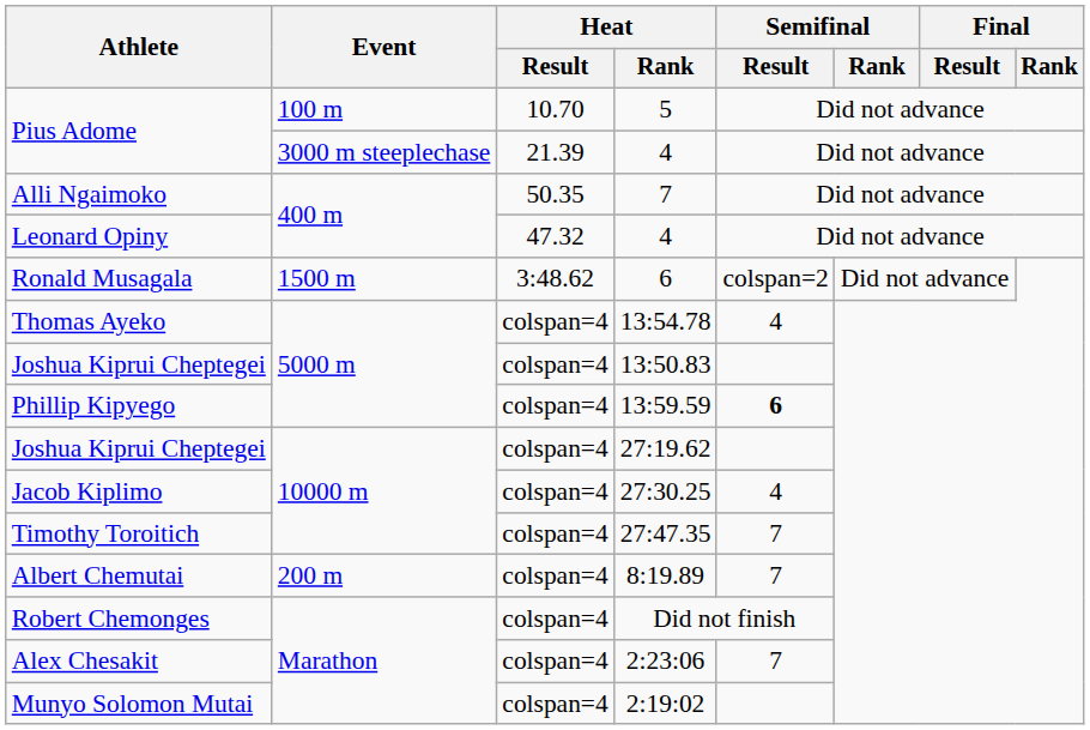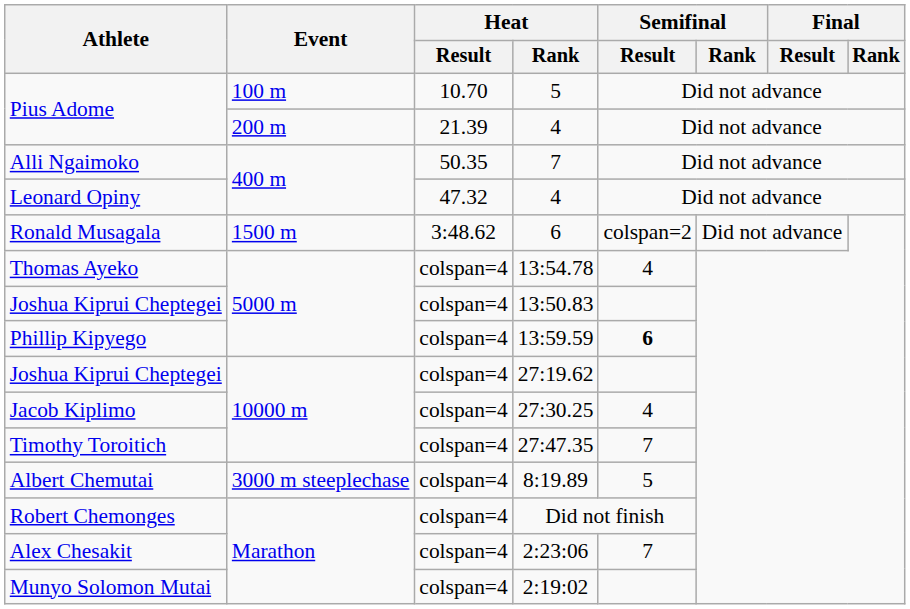 <table class="wikitable" style="font-size:90%">
 <tr>
 <th rowspan=2>Athlete</th>
 <th rowspan=2>Event</th>
 <th colspan=2>Heat</th>
 <th colspan=2>Semifinal</th>
 <th colspan=2>Final</th>
 </tr>
 <tr style="font-size:95%">
 <th>Result</th>
 <th>Rank</th>
 <th>Result</th>
 <th>Rank</th>
 <th>Result</th>
 <th>Rank</th>
 </tr>
 <tr align=center>
 <td align=left rowspan=2><a href='#'>Pius Adome</a></td>
 <td align=left><a href='#'>100 m</a></td>
 <td>10.70</td>
 <td>5</td>
 <td colspan=4>Did not advance</td>
 </tr>
 <tr align=center>
-<td align=left><a href='#'>3000 m steeplechase</a></td>
+<td align=left><a href='#'>200 m</a></td>
 <td>21.39</td>
 <td>4</td>
 <td colspan=4>Did not advance</td>
 </tr>
 <tr align=center>
 <td align=left><a href='#'>Alli Ngaimoko</a></td>
 <td align=left rowspan=2><a href='#'>400 m</a></td>
 <td>50.35</td>
 <td>7</td>
 <td colspan=4>Did not advance</td>
 </tr>
 <tr align=center>
 <td align=left><a href='#'>Leonard Opiny</a></td>
 <td>47.32</td>
 <td>4</td>
 <td colspan=4>Did not advance</td>
 </tr>
 <tr align=center>
 <td align=left><a href='#'>Ronald Musagala</a></td>
 <td align=left><a href='#'>1500 m</a></td>
 <td>3:48.62</td>
 <td>6</td>
 <td>colspan=2</td>
 <td colspan=2>Did not advance</td>
 </tr>
 <tr align=center>
 <td align=left><a href='#'>Thomas Ayeko</a></td>
 <td align=left rowspan=3><a href='#'>5000 m</a></td>
 <td>colspan=4</td>
 <td>13:54.78</td>
 <td>4</td>
 </tr>
 <tr align=center>
 <td align=left><a href='#'>Joshua Kiprui Cheptegei</a></td>
 <td>colspan=4</td>
 <td>13:50.83</td>
 <td></td>
 </tr>
 <tr align=center>
 <td align=left><a href='#'>Phillip Kipyego</a></td>
 <td>colspan=4</td>
 <td>13:59.59</td>
 <td><strong>6</strong></td>
 </tr>
 <tr align=center>
 <td align=left><a href='#'>Joshua Kiprui Cheptegei</a></td>
 <td align=left rowspan=3><a href='#'>10000 m</a></td>
 <td>colspan=4</td>
 <td>27:19.62</td>
 <td></td>
 </tr>
 <tr align=center>
 <td align=left><a href='#'>Jacob Kiplimo</a></td>
 <td>colspan=4</td>
 <td>27:30.25</td>
 <td>4</td>
 </tr>
 <tr align=center>
 <td align=left><a href='#'>Timothy Toroitich</a></td>
 <td>colspan=4</td>
 <td>27:47.35</td>
 <td>7</td>
 </tr>
 <tr align=center>
 <td align=left><a href='#'>Albert Chemutai</a></td>
-<td align=left><a href='#'>200 m</a></td>
+<td align=left><a href='#'>3000 m steeplechase</a></td>
 <td>colspan=4</td>
 <td>8:19.89</td>
-<td>7</td>
+<td>5</td>
 </tr>
 <tr align=center>
 <td align=left><a href='#'>Robert Chemonges</a></td>
 <td align=left rowspan=3><a href='#'>Marathon</a></td>
 <td>colspan=4</td>
 <td colspan=2>Did not finish</td>
 </tr>
 <tr align=center>
 <td align=left><a href='#'>Alex Chesakit</a></td>
 <td>colspan=4</td>
 <td>2:23:06</td>
 <td>7</td>
 </tr>
 <tr align=center>
 <td align=left><a href='#'>Munyo Solomon Mutai</a></td>
 <td>colspan=4</td>
 <td>2:19:02</td>
 <td></td>
 </tr>
 </table>
